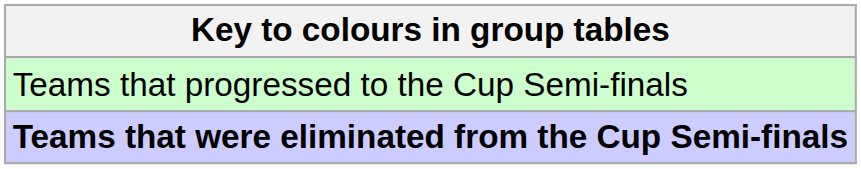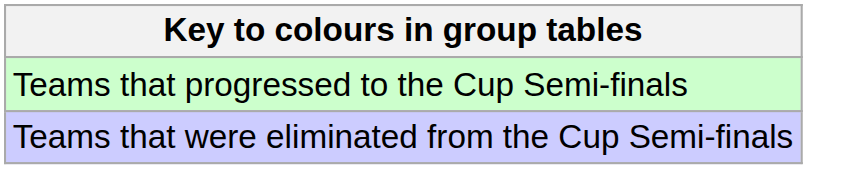 <table class="wikitable">
 <tr>
 <th>Key to colours in group tables</th>
 </tr>
 <tr bgcolor=#ccffcc>
 <td>Teams that progressed to the Cup Semi-finals</td>
 </tr>
 <tr bgcolor=#ccccff>
-<td><strong>Teams that were eliminated from the Cup Semi-finals</strong></td>
+<td>Teams that were eliminated from the Cup Semi-finals</td>
 </tr>
 </table>
